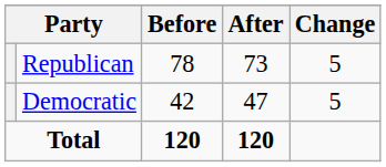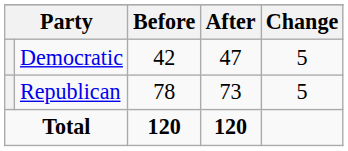 <table class="wikitable" style="text-align:center;">
 <tr>
 </tr>
 <tr>
 <th colspan=2>Party</th>
 <th>Before</th>
 <th>After</th>
 <th>Change</th>
 </tr>
 <tr>
 <th style="background-color:"></th>
-<td style="text-align:left;"><a href='#'>Republican</a></td>
-<td>78</td>
-<td>73</td>
+<td style="text-align:left;"><a href='#'>Democratic</a></td>
+<td>42</td>
+<td>47</td>
 <td> 5</td>
 </tr>
 <tr>
 <th style="background-color:"></th>
-<td style="text-align:left;"><a href='#'>Democratic</a></td>
-<td>42</td>
-<td>47</td>
+<td style="text-align:left;"><a href='#'>Republican</a></td>
+<td>78</td>
+<td>73</td>
 <td> 5</td>
 </tr>
 <tr>
 <td colspan=2><strong>Total</strong></td>
 <td><strong>120</strong></td>
 <td><strong>120</strong></td>
 <td></td>
 </tr>
 </table>
